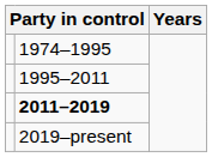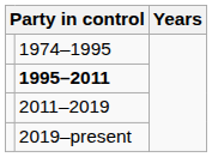 <table class="wikitable">
 <tr>
 <th colspan="2">Party in control</th>
 <th>Years</th>
 </tr>
 <tr>
 <td></td>
 <td>1974–1995</td>
 </tr>
 <tr>
 <td></td>
-<td>1995–2011</td>
+<td><strong>1995–2011</strong></td>
 </tr>
 <tr>
 <td></td>
-<td><strong>2011–2019</strong></td>
+<td>2011–2019</td>
 </tr>
 <tr>
 <td></td>
 <td>2019–present</td>
 </tr>
 </table>
